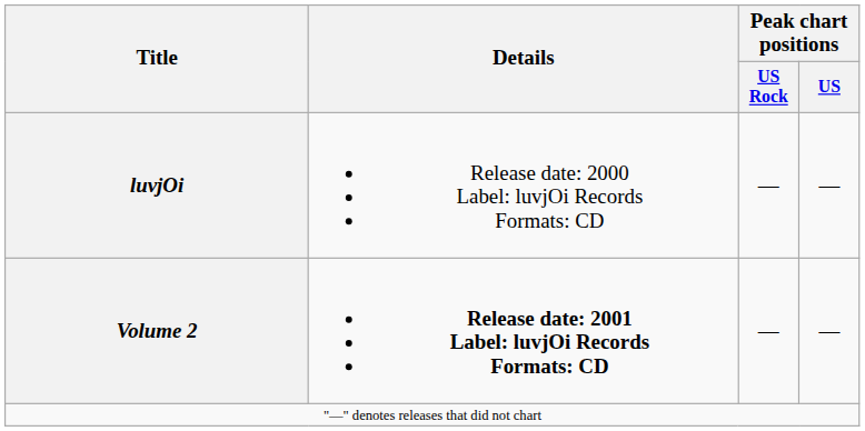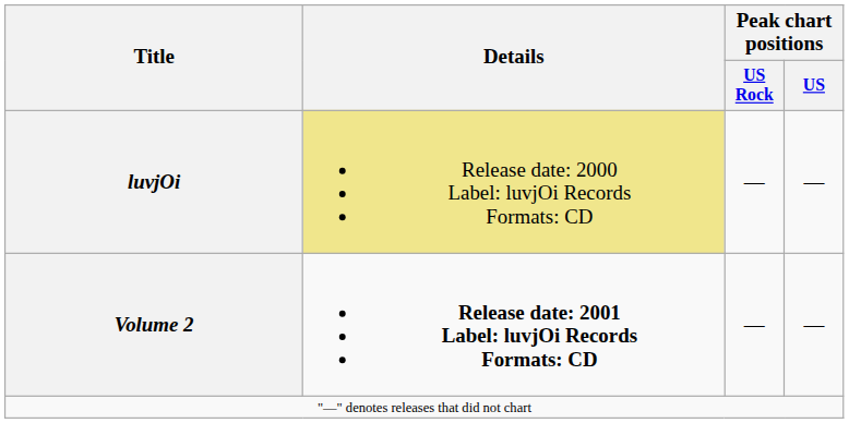 <table class="wikitable plainrowheaders" style="text-align:center;">
 <tr>
 <th rowspan="2" style="width:14em;">Title</th>
 <th rowspan="2" style="width:20em;">Details</th>
 <th colspan="2">Peak chart<br>positions</th>
 </tr>
 <tr style="font-size:smaller;">
 <th style="width:40px;"><a href='#'>US Rock</a><br></th>
 <th style="width:40px;"><a href='#'>US</a><br></th>
 </tr>
 <tr>
 <th scope="row"><em>luvjOi</em></th>
-<td><br><ul><li>Release date: 2000</li><li>Label: luvjOi Records</li><li>Formats: CD</li></ul></td>
+<td style="background: khaki;"><br><ul><li>Release date: 2000</li><li>Label: luvjOi Records</li><li>Formats: CD</li></ul></td>
 <td>—</td>
 <td>—</td>
 </tr>
 <tr>
 <th scope="row"><em>Volume 2</em></th>
 <td><strong><br><ul><li>Release date: 2001</li><li>Label: luvjOi Records</li><li>Formats: CD</li></ul></strong></td>
 <td>—</td>
 <td>—</td>
 </tr>
 <tr>
 <td colspan="10" style="font-size:8pt">"—" denotes releases that did not chart</td>
 </tr>
 </table>
